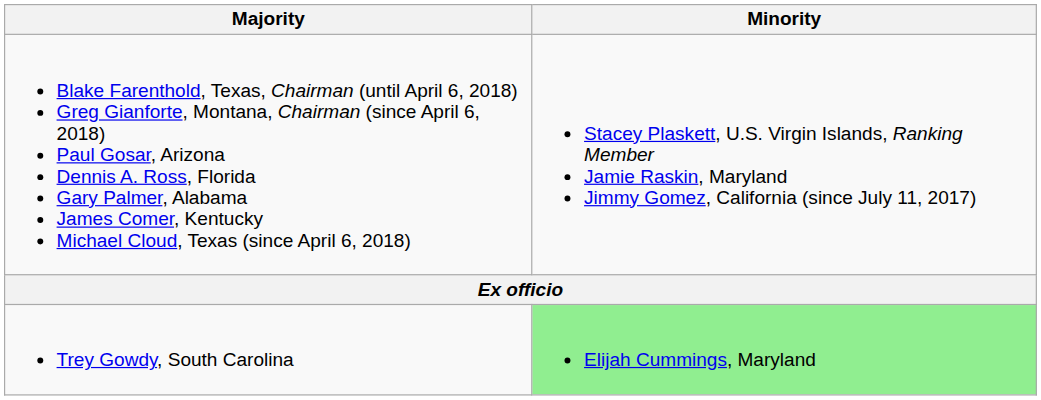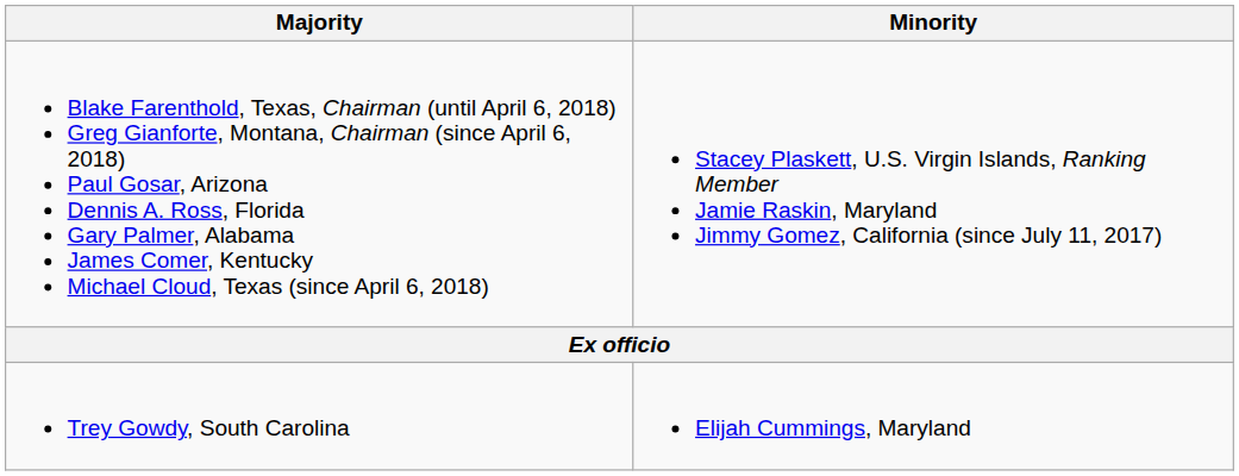 <table class=wikitable>
 <tr>
 <th>Majority</th>
 <th>Minority</th>
 </tr>
 <tr>
 <td><br><ul><li><a href='#'>Blake Farenthold</a>, Texas, <em>Chairman</em> (until April 6, 2018)</li><li><a href='#'>Greg Gianforte</a>, Montana, <em>Chairman</em> (since April 6, 2018)</li><li><a href='#'>Paul Gosar</a>, Arizona</li><li><a href='#'>Dennis A. Ross</a>, Florida</li><li><a href='#'>Gary Palmer</a>, Alabama</li><li><a href='#'>James Comer</a>, Kentucky</li><li><a href='#'>Michael Cloud</a>, Texas (since April 6, 2018)</li></ul></td>
 <td><br><ul><li><a href='#'>Stacey Plaskett</a>, U.S. Virgin Islands, <em>Ranking Member</em></li><li><a href='#'>Jamie Raskin</a>, Maryland</li><li><a href='#'>Jimmy Gomez</a>, California (since July 11, 2017)</li></ul></td>
 </tr>
 <tr>
 <th colspan=2><em>Ex officio</em></th>
 </tr>
 <tr>
 <td><br><ul><li><a href='#'>Trey Gowdy</a>, South Carolina</li></ul></td>
-<td style="background: lightgreen;"><br><ul><li><a href='#'>Elijah Cummings</a>, Maryland</li></ul></td>
+<td><br><ul><li><a href='#'>Elijah Cummings</a>, Maryland</li></ul></td>
 </tr>
 </table>
